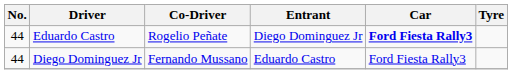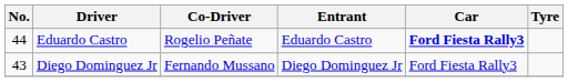 <table class="wikitable" style="font-size: 85%;">
 <tr>
 <th>No.</th>
 <th>Driver</th>
 <th>Co-Driver</th>
 <th>Entrant</th>
 <th>Car</th>
 <th>Tyre</th>
 </tr>
 <tr>
 <td align="center">44</td>
 <td> <a href='#'>Eduardo Castro</a></td>
 <td> <a href='#'>Rogelio Peñate</a></td>
-<td> <a href='#'>Diego Dominguez Jr</a></td>
+<td> <a href='#'>Eduardo Castro</a></td>
 <td><strong><a href='#'>Ford Fiesta Rally3</a></strong></td>
 <td align="center"></td>
 </tr>
 <tr>
-<td align="center">44</td>
+<td align="center">43</td>
 <td> <a href='#'>Diego Dominguez Jr</a></td>
 <td> <a href='#'>Fernando Mussano</a></td>
-<td> <a href='#'>Eduardo Castro</a></td>
+<td> <a href='#'>Diego Dominguez Jr</a></td>
 <td><a href='#'>Ford Fiesta Rally3</a></td>
 <td align="center"></td>
 </tr>
 <tr>
 </tr>
 </table>
